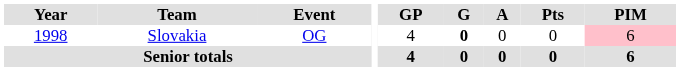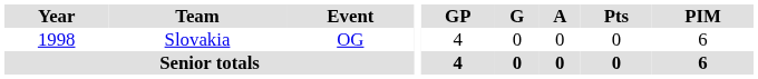 <table border="0" cellpadding="1" cellspacing="0" ID="Table3" style="text-align:center; width:40em">
 <tr bgcolor="#e0e0e0">
 <th>Year</th>
 <th>Team</th>
 <th>Event</th>
 <th rowspan="102" bgcolor="#ffffff"></th>
 <th>GP</th>
 <th>G</th>
 <th>A</th>
 <th>Pts</th>
 <th>PIM</th>
 </tr>
 <tr>
 <td><a href='#'>1998</a></td>
 <td><a href='#'>Slovakia</a></td>
 <td><a href='#'>OG</a></td>
 <td>4</td>
-<td><strong>0</strong></td>
 <td>0</td>
 <td>0</td>
-<td style="background: pink;">6</td>
+<td>0</td>
+<td>6</td>
 </tr>
 <tr bgcolor="#e0e0e0">
 <th colspan="3">Senior totals</th>
 <th>4</th>
 <th>0</th>
 <th>0</th>
 <th>0</th>
 <th>6</th>
 </tr>
 </table>
